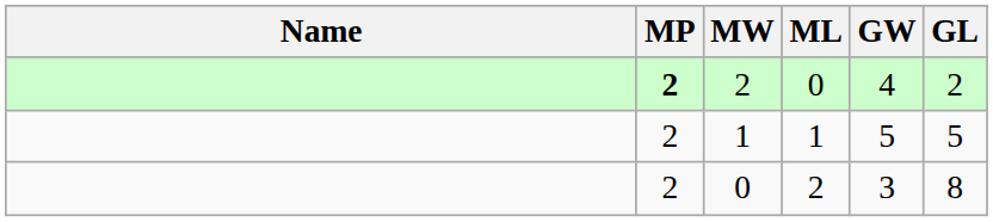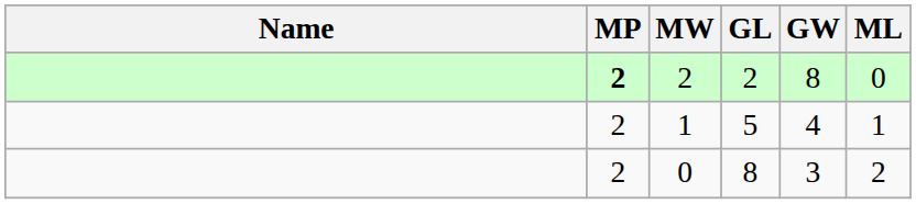 <table class=wikitable style="text-align:center">
 <tr>
 <th width=300>Name</th>
 <th width=20>MP</th>
 <th width=20>MW</th>
+<th width=20>GL</th>
+<th width=20>GW</th>
 <th width=20>ML</th>
-<th width=20>GW</th>
-<th width=20>GL</th>
 </tr>
 <tr style="background-color:#ccffcc;">
 <td style="text-align:left;"><strong></strong></td>
 <td><strong>2</strong></td>
 <td>2</td>
+<td>2</td>
+<td>8</td>
 <td>0</td>
-<td>4</td>
-<td>2</td>
 </tr>
 <tr>
 <td style="text-align:left;"></td>
 <td>2</td>
 <td>1</td>
+<td>5</td>
+<td>4</td>
 <td>1</td>
-<td>5</td>
-<td>5</td>
 </tr>
 <tr>
 <td style="text-align:left;"></td>
 <td>2</td>
 <td>0</td>
+<td>8</td>
+<td>3</td>
 <td>2</td>
-<td>3</td>
-<td>8</td>
 </tr>
 </table>
